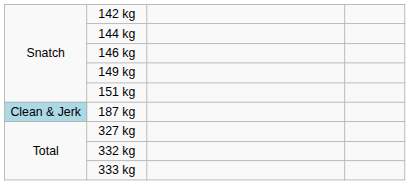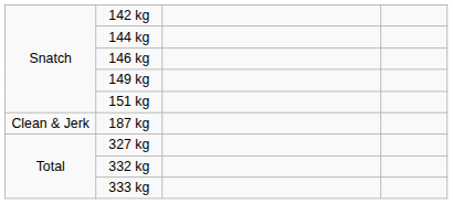 <table class = "wikitable" style="text-align:center;">
 <tr>
 <td width=100 rowspan=5>Snatch</td>
 <td width=70>142 kg</td>
 <td width=250 align=left></td>
 <td width=70></td>
 </tr>
 <tr>
 <td>144 kg</td>
 <td align=left></td>
 <td></td>
 </tr>
 <tr>
 <td>146 kg</td>
 <td align=left></td>
 <td></td>
 </tr>
 <tr>
 <td>149 kg</td>
 <td align=left></td>
 <td></td>
 </tr>
 <tr>
 <td>151 kg</td>
 <td align=left></td>
 <td></td>
 </tr>
 <tr>
-<td style="background: lightblue;">Clean & Jerk</td>
+<td>Clean & Jerk</td>
 <td>187 kg</td>
 <td align=left></td>
 <td></td>
 </tr>
 <tr>
 <td rowspan=3>Total</td>
 <td>327 kg</td>
 <td align=left></td>
 <td></td>
 </tr>
 <tr>
 <td>332 kg</td>
 <td align=left></td>
 <td></td>
 </tr>
 <tr>
 <td>333 kg</td>
 <td align=left></td>
 <td></td>
 </tr>
 </table>
